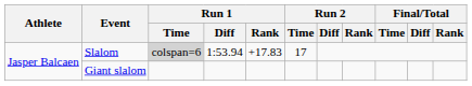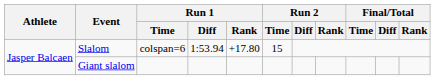 <table class="wikitable" style="font-size:100%">
 <tr>
 <th rowspan="2">Athlete</th>
 <th rowspan="2">Event</th>
 <th colspan="3">Run 1</th>
 <th colspan="3">Run 2</th>
 <th colspan="3">Final/Total</th>
 </tr>
 <tr>
 <th>Time</th>
 <th>Diff</th>
 <th>Rank</th>
 <th>Time</th>
 <th>Diff</th>
 <th>Rank</th>
 <th>Time</th>
 <th>Diff</th>
 <th>Rank</th>
 </tr>
 <tr>
 <td rowspan=2><a href='#'>Jasper Balcaen</a></td>
 <td><a href='#'>Slalom</a></td>
-<td style="background: lightgrey;">colspan=6 </td>
+<td>colspan=6 </td>
 <td align="center">1:53.94</td>
-<td align="center">+17.83</td>
-<td align="center">17</td>
+<td align="center">+17.80</td>
+<td align="center">15</td>
 </tr>
 <tr>
 <td><a href='#'>Giant slalom</a></td>
 <td align="center"></td>
 <td align="center"></td>
 <td align="center"></td>
 <td align="center"></td>
 <td align="center"></td>
 <td align="center"></td>
 <td align="center"></td>
 <td align="center"></td>
 <td align="center"></td>
 </tr>
 </table>
